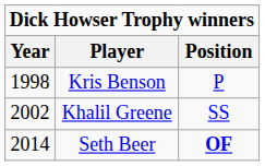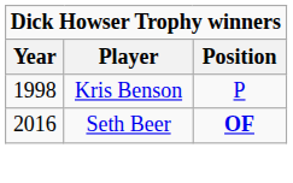 <table class="wikitable">
 <tr>
 <td colspan="3"><strong>Dick Howser Trophy winners</strong> </td>
 </tr>
 <tr>
 <th>Year</th>
 <th>Player</th>
 <th>Position</th>
 </tr>
 <tr style="text-align:center;">
 <td>1998</td>
 <td><a href='#'>Kris Benson</a></td>
 <td><a href='#'>P</a></td>
 </tr>
 <tr style="text-align:center;">
-<td>2002</td>
-<td><a href='#'>Khalil Greene</a></td>
-<td><a href='#'>SS</a></td>
-</tr>
-<tr style="text-align:center;">
-<td>2014</td>
+<td>2016</td>
 <td><a href='#'>Seth Beer</a></td>
 <td><strong><a href='#'>OF</a></strong></td>
 </tr>
 </table>
